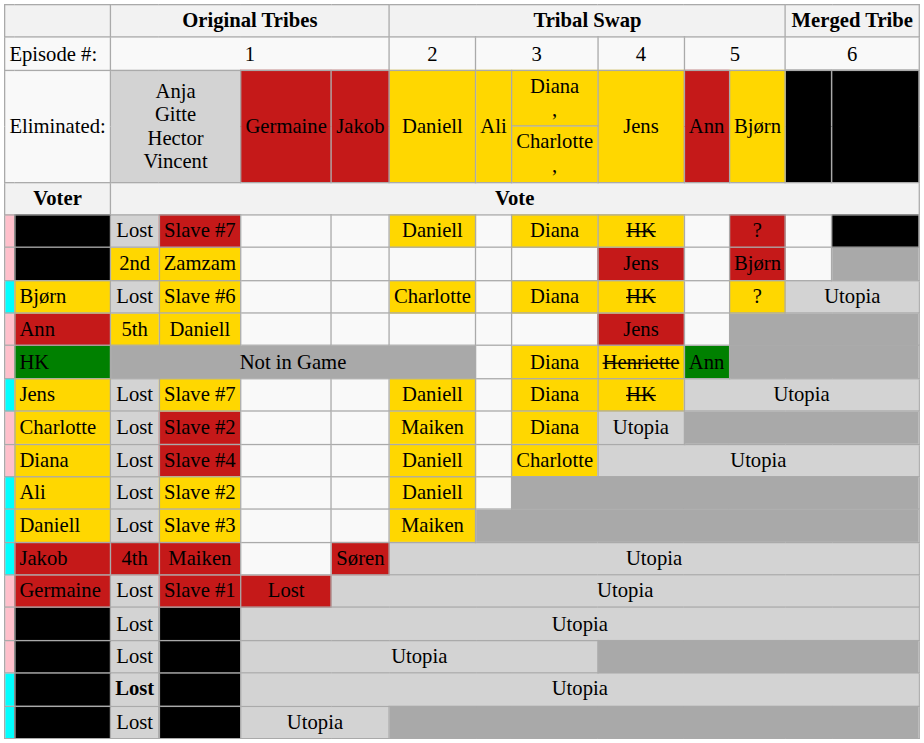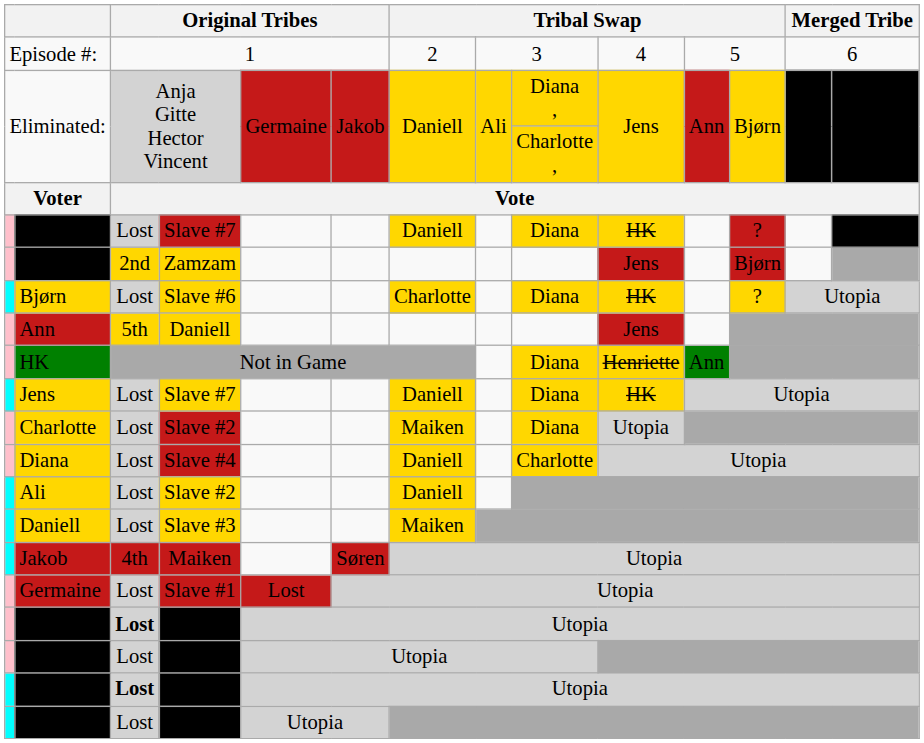 <table class="wikitable" style="text-align:center">
 <tr>
 <th colspan=2></th>
 <th colspan=4>Original Tribes</th>
 <th colspan=6>Tribal Swap</th>
 <th colspan=2>Merged Tribe</th>
 </tr>
 <tr>
 <td colspan=2 align="left">Episode #:</td>
 <td colspan="4">1</td>
 <td colspan="1">2</td>
 <td colspan="2">3</td>
 <td colspan="1">4</td>
 <td colspan="2">5</td>
 <td colspan="2">6</td>
 </tr>
 <tr>
 <td colspan=2 rowspan=2 align="left">Eliminated:</td>
 <td bgcolor="lightgray" colspan="2" rowspan="2">Anja<br>Gitte<br>Hector<br>Vincent<br></td>
 <td bgcolor="#C51919" rowspan="2">Germaine<br></td>
 <td bgcolor="#C51919"rowspan="2">Jakob<br></td>
 <td bgcolor="gold" rowspan="2">Daniell<br></td>
 <td bgcolor="gold" rowspan="2">Ali<br></td>
 <td bgcolor="gold" rowspan="1">Diana<br>,</td>
 <td bgcolor="gold" rowspan="2">Jens<br></td>
 <td bgcolor="C51919" rowspan="2">Ann<br></td>
 <td bgcolor="gold" rowspan="2">Bjørn<br></td>
 <td bgcolor="black" rowspan="2"><span>Nini<br></span></td>
 <td bgcolor="black" rowspan="2"><span>Maiken<br></span></td>
 </tr>
 <tr>
 <td bgcolor="gold" rowspan="1">Charlotte<br>,</td>
 </tr>
 <tr>
 <th colspan=2>Voter</th>
 <th colspan=12>Vote</th>
 </tr>
 <tr>
 <td style="background:pink"></td>
 <td align="left" bgcolor="black"><span>Maiken</span></td>
 <td bgcolor="lightgray">Lost</td>
 <td bgcolor="#C51919"><span>Slave #7</span></td>
 <td></td>
 <td></td>
 <td bgcolor="gold">Daniell</td>
 <td></td>
 <td bgcolor="gold">Diana</td>
 <td bgcolor="gold"><s>HK</s></td>
 <td></td>
 <td bgcolor="#C51919">?</td>
 <td></td>
 <td bgcolor="black"><span>Hans Ole</span></td>
 </tr>
 <tr>
 <td style="background:pink"></td>
 <td align="left" bgcolor="black"><span>Nini</span></td>
 <td bgcolor="gold">2nd</td>
 <td bgcolor="gold"><span>Zamzam</span></td>
 <td></td>
 <td></td>
 <td></td>
 <td></td>
 <td></td>
 <td bgcolor="#C51919">Jens</td>
 <td></td>
 <td bgcolor="#C51919">Bjørn</td>
 <td></td>
 <td bgcolor="darkgray" colspan=1></td>
 </tr>
 <tr>
 <td style="background:cyan"></td>
 <td align="left" bgcolor="gold">Bjørn</td>
 <td bgcolor="lightgray">Lost</td>
 <td bgcolor="gold"><span>Slave #6</span></td>
 <td></td>
 <td></td>
 <td bgcolor="gold">Charlotte</td>
 <td></td>
 <td bgcolor="gold">Diana</td>
 <td bgcolor="gold"><s>HK</s></td>
 <td></td>
 <td bgcolor="gold">?</td>
 <td bgcolor="lightgray" colspan=2>Utopia</td>
 </tr>
 <tr>
 <td style="background:pink"></td>
 <td align="left" bgcolor="#C51919">Ann</td>
 <td bgcolor="gold">5th</td>
 <td bgcolor="gold"><span>Daniell</span></td>
 <td></td>
 <td></td>
 <td></td>
 <td></td>
 <td></td>
 <td bgcolor="#C51919">Jens</td>
 <td></td>
 <td bgcolor="darkgray" colspan=3></td>
 </tr>
 <tr>
 <td style="background:pink"></td>
 <td align="left" bgcolor="green"><span>HK</span></td>
 <td bgcolor="darkgray" colspan="5">Not in Game</td>
 <td></td>
 <td bgcolor="gold">Diana</td>
 <td bgcolor="gold"><s>Henriette</s></td>
 <td bgcolor="green"><span>Ann</span></td>
 <td bgcolor="darkgray" colspan=3></td>
 </tr>
 <tr>
 <td style="background:cyan"></td>
 <td align="left" bgcolor="gold">Jens</td>
 <td bgcolor="lightgray">Lost</td>
 <td bgcolor="gold"><span>Slave #7</span></td>
 <td></td>
 <td></td>
 <td bgcolor="gold">Daniell</td>
 <td></td>
 <td bgcolor="gold">Diana</td>
 <td bgcolor="gold"><s>HK</s></td>
 <td bgcolor="lightgray" colspan=4>Utopia</td>
 </tr>
 <tr>
 <td style="background:pink"></td>
 <td align="left" bgcolor="gold">Charlotte</td>
 <td bgcolor="lightgray">Lost</td>
 <td bgcolor="#C51919"><span>Slave #2</span></td>
 <td></td>
 <td></td>
 <td bgcolor="gold">Maiken</td>
 <td></td>
 <td bgcolor="gold">Diana</td>
 <td bgcolor="lightgray" colspan=1>Utopia</td>
 <td bgcolor="darkgray" colspan=4></td>
 </tr>
 <tr>
 <td style="background:pink"></td>
 <td align="left" bgcolor="gold">Diana</td>
 <td bgcolor="lightgray">Lost</td>
 <td bgcolor="#C51919"><span>Slave #4</span></td>
 <td></td>
 <td></td>
 <td bgcolor="gold">Daniell</td>
 <td></td>
 <td bgcolor="gold">Charlotte</td>
 <td bgcolor="lightgray" colspan=5>Utopia</td>
 </tr>
 <tr>
 <td style="background:cyan"></td>
 <td align="left" bgcolor="gold">Ali</td>
 <td bgcolor="lightgray">Lost</td>
 <td bgcolor="gold"><span>Slave #2</span></td>
 <td></td>
 <td></td>
 <td bgcolor="gold">Daniell</td>
 <td></td>
 <td bgcolor="darkgray" colspan=6></td>
 </tr>
 <tr>
 <td style="background:cyan"></td>
 <td align="left" bgcolor="gold">Daniell</td>
 <td bgcolor="lightgray">Lost</td>
 <td bgcolor="gold"><span>Slave #3</span></td>
 <td></td>
 <td></td>
 <td bgcolor="gold">Maiken</td>
 <td bgcolor="darkgray" colspan=7></td>
 </tr>
 <tr>
 <td style="background:cyan"></td>
 <td align="left" bgcolor="#C51919">Jakob</td>
 <td bgcolor="#C51919">4th</td>
 <td bgcolor="#C51919"><span>Maiken</span></td>
 <td></td>
 <td bgcolor="#C51919">Søren</td>
 <td bgcolor="lightgray" colspan=8>Utopia</td>
 </tr>
 <tr>
 <td style="background:pink"></td>
 <td align="left" bgcolor="#C51919">Germaine</td>
 <td bgcolor="lightgray">Lost</td>
 <td bgcolor="#C51919"><span>Slave #1</span></td>
 <td bgcolor="#C51919">Lost</td>
 <td bgcolor="lightgray" colspan=9>Utopia</td>
 </tr>
 <tr>
 <td style="background:pink"></td>
 <td align="left" bgcolor="black"><span>Anja</span></td>
-<td bgcolor="lightgray">Lost</td>
+<td bgcolor="lightgray"><strong>Lost</strong></td>
 <td bgcolor="black"><span>Slave #3</span></td>
 <td bgcolor="lightgray" colspan=10>Utopia</td>
 </tr>
 <tr>
 <td style="background:pink"></td>
 <td align="left" bgcolor="black"><span>Gitte</span></td>
 <td bgcolor="lightgray">Lost</td>
 <td bgcolor="black"><span>Slave #6</span></td>
 <td bgcolor="lightgray" colspan=5>Utopia</td>
 <td bgcolor="darkgray" colspan=5></td>
 </tr>
 <tr>
 <td style="background:cyan"></td>
 <td align="left" bgcolor="black"><span>Hector</span></td>
 <td bgcolor="lightgray"><strong>Lost</strong></td>
 <td bgcolor="black"><span>Slave #5</span></td>
 <td bgcolor="lightgray" colspan=10>Utopia</td>
 </tr>
 <tr>
 <td style="background:cyan"></td>
 <td align="left" bgcolor="black"><span>Vincent</span></td>
 <td bgcolor="lightgray">Lost</td>
 <td bgcolor="black"><span>Slave #4</span></td>
 <td bgcolor="lightgray" colspan=2>Utopia</td>
 <td bgcolor="darkgray" colspan=8></td>
 </tr>
 <tr>
 </tr>
 </table>
